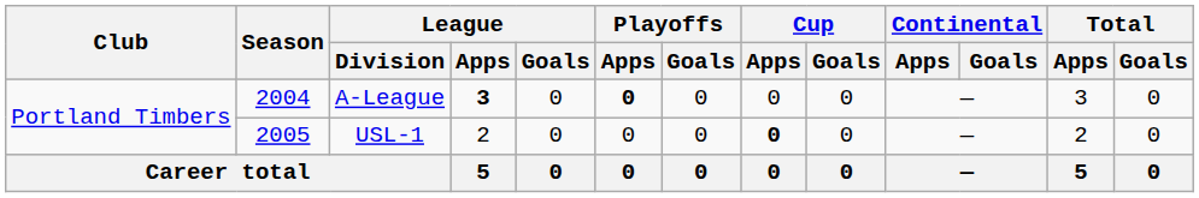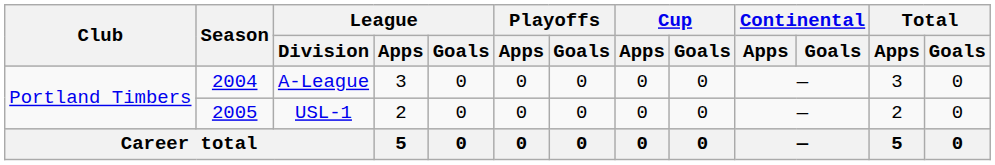 <table class="wikitable" style="text-align: center;">
 <tr>
 <th rowspan="2">Club</th>
 <th rowspan="2">Season</th>
 <th colspan="3">League</th>
 <th colspan="2">Playoffs</th>
 <th colspan="2"><a href='#'>Cup</a></th>
 <th colspan="2"><a href='#'>Continental</a></th>
 <th colspan="2">Total</th>
 </tr>
 <tr>
 <th>Division</th>
 <th>Apps</th>
 <th>Goals</th>
 <th>Apps</th>
 <th>Goals</th>
 <th>Apps</th>
 <th>Goals</th>
 <th>Apps</th>
 <th>Goals</th>
 <th>Apps</th>
 <th>Goals</th>
 </tr>
 <tr>
 <td rowspan="2"><a href='#'>Portland Timbers</a></td>
 <td><a href='#'>2004</a></td>
 <td rowspan="1"><a href='#'>A-League</a></td>
-<td><strong>3</strong></td>
+<td>3</td>
 <td>0</td>
-<td><strong>0</strong></td>
+<td>0</td>
 <td>0</td>
 <td>0</td>
 <td>0</td>
 <td colspan="2">—</td>
 <td>3</td>
 <td>0</td>
 </tr>
 <tr>
 <td><a href='#'>2005</a></td>
 <td rowspan="1"><a href='#'>USL-1</a></td>
 <td>2</td>
 <td>0</td>
 <td>0</td>
 <td>0</td>
-<td><strong>0</strong></td>
+<td>0</td>
 <td>0</td>
 <td colspan="2">—</td>
 <td>2</td>
 <td>0</td>
 </tr>
 <tr>
 <th colspan="3">Career total</th>
 <th>5</th>
 <th>0</th>
 <th>0</th>
 <th>0</th>
 <th>0</th>
 <th>0</th>
 <th colspan="2">—</th>
 <th>5</th>
 <th>0</th>
 </tr>
 </table>
